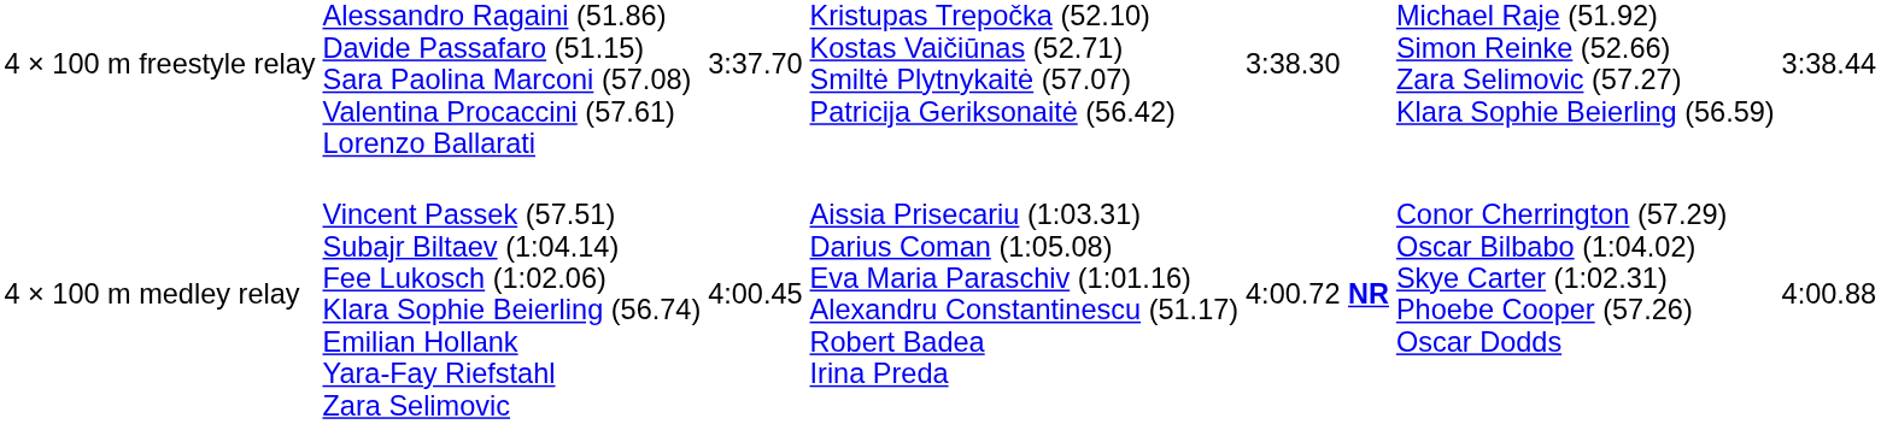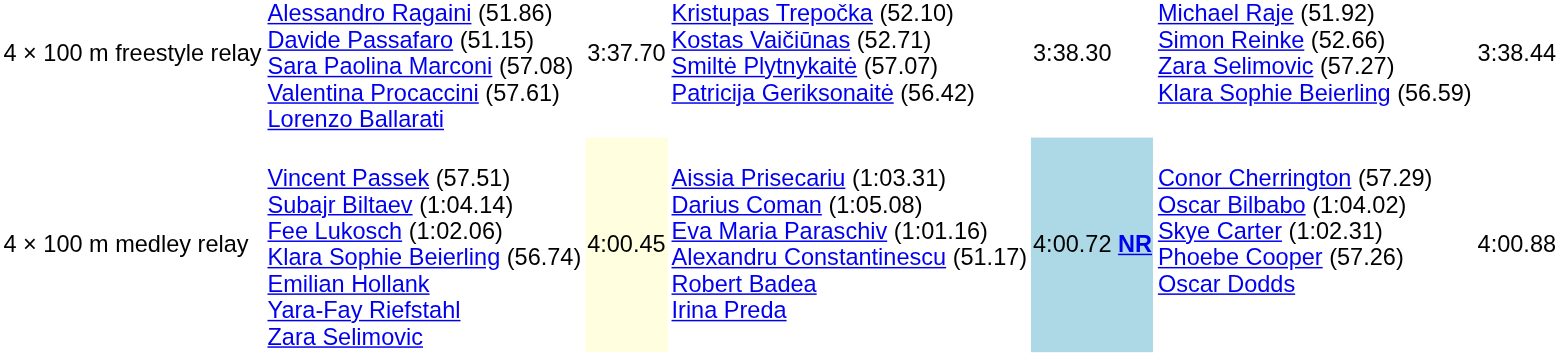 <table>
 <tr>
 <td>4 × 100 m freestyle relay</td>
 <td valign=top><br><a href='#'>Alessandro Ragaini</a> (51.86)<br><a href='#'>Davide Passafaro</a> (51.15)<br><a href='#'>Sara Paolina Marconi</a> (57.08)<br><a href='#'>Valentina Procaccini</a> (57.61)<br><a href='#'>Lorenzo Ballarati</a></td>
 <td>3:37.70</td>
 <td valign=top><br><a href='#'>Kristupas Trepočka</a> (52.10)<br><a href='#'>Kostas Vaičiūnas</a> (52.71)<br><a href='#'>Smiltė Plytnykaitė</a> (57.07)<br><a href='#'>Patricija Geriksonaitė</a> (56.42)</td>
 <td>3:38.30</td>
 <td valign=top><br><a href='#'>Michael Raje</a> (51.92)<br><a href='#'>Simon Reinke</a> (52.66)<br><a href='#'>Zara Selimovic</a> (57.27)<br><a href='#'>Klara Sophie Beierling</a> (56.59)</td>
 <td>3:38.44</td>
 </tr>
 <tr>
 <td>4 × 100 m medley relay</td>
 <td valign=top><br><a href='#'>Vincent Passek</a> (57.51)<br><a href='#'>Subajr Biltaev</a> (1:04.14)<br><a href='#'>Fee Lukosch</a> (1:02.06)<br><a href='#'>Klara Sophie Beierling</a> (56.74)<br><a href='#'>Emilian Hollank</a><br><a href='#'>Yara-Fay Riefstahl</a><br><a href='#'>Zara Selimovic</a></td>
-<td>4:00.45</td>
+<td style="background: lightyellow;">4:00.45</td>
 <td valign=top><br><a href='#'>Aissia Prisecariu</a> (1:03.31)<br><a href='#'>Darius Coman</a> (1:05.08)<br><a href='#'>Eva Maria Paraschiv</a> (1:01.16)<br><a href='#'>Alexandru Constantinescu</a> (51.17)<br><a href='#'>Robert Badea</a><br><a href='#'>Irina Preda</a></td>
-<td>4:00.72 <strong><a href='#'>NR</a></strong></td>
+<td style="background: lightblue;">4:00.72 <strong><a href='#'>NR</a></strong></td>
 <td valign=top><br><a href='#'>Conor Cherrington</a> (57.29)<br><a href='#'>Oscar Bilbabo</a> (1:04.02)<br><a href='#'>Skye Carter</a> (1:02.31)<br><a href='#'>Phoebe Cooper</a> (57.26)<br><a href='#'>Oscar Dodds</a></td>
 <td>4:00.88</td>
 </tr>
 </table>
